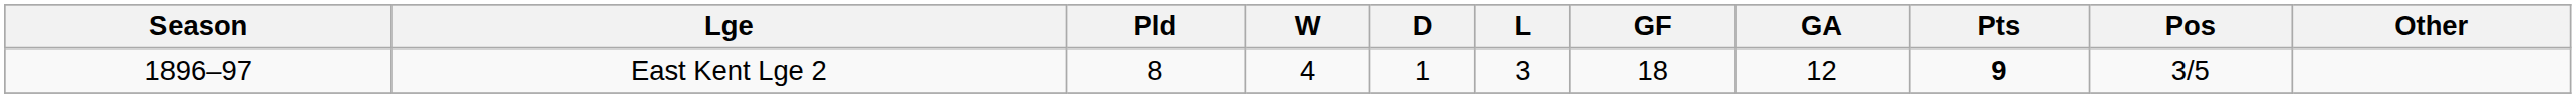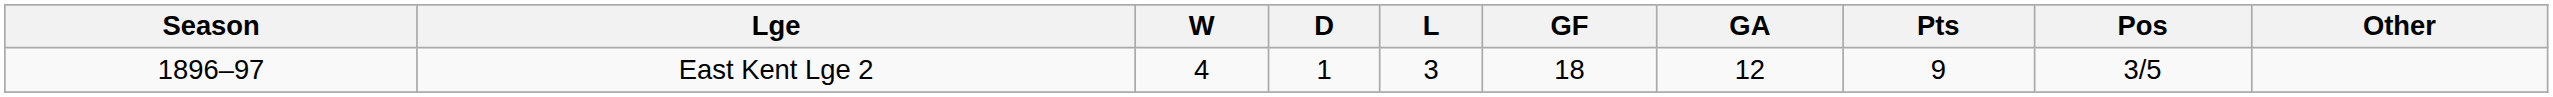 <table class="wikitable" style="width:75%; align:center; text-align:center">
 <tr>
 <th>Season</th>
 <th>Lge</th>
-<th>Pld</th>
 <th>W</th>
 <th>D</th>
 <th>L</th>
 <th>GF</th>
 <th>GA</th>
 <th>Pts</th>
 <th>Pos</th>
 <th>Other</th>
 </tr>
 <tr>
 <td>1896–97</td>
 <td>East Kent Lge 2</td>
-<td>8</td>
 <td>4</td>
 <td>1</td>
 <td>3</td>
 <td>18</td>
 <td>12</td>
-<td><strong>9</strong></td>
+<td>9</td>
 <td>3/5</td>
 <td></td>
 </tr>
 </table>
